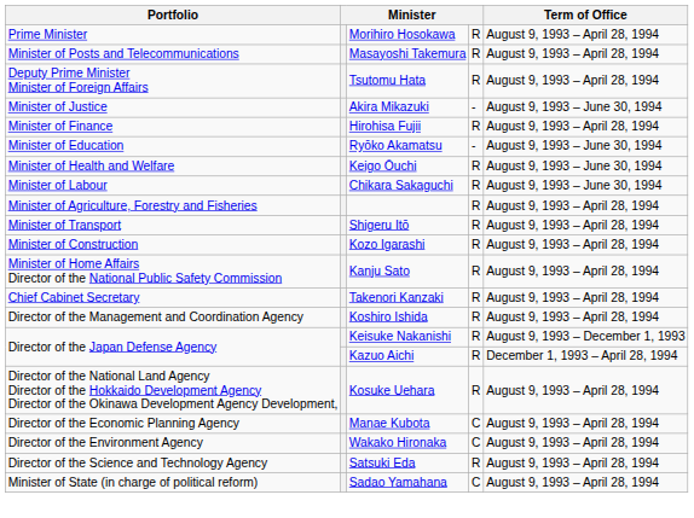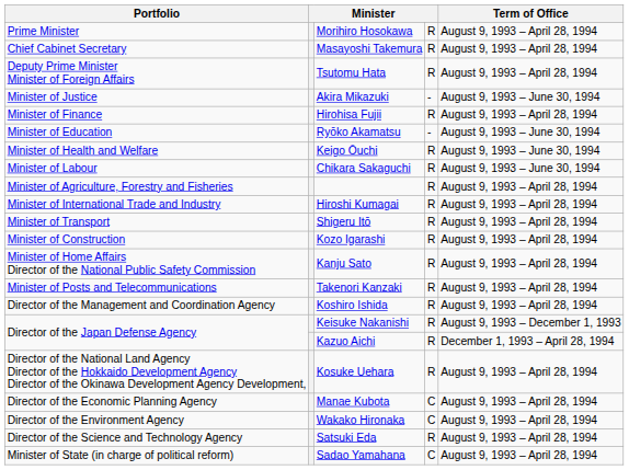 <table class="wikitable">
 <tr>
 <th>Portfolio</th>
 <th colspan=3>Minister</th>
 <th>Term of Office</th>
 </tr>
 <tr>
 <td><a href='#'>Prime Minister</a></td>
 <th style="color:inherit;background-color: "></th>
 <td><a href='#'>Morihiro Hosokawa</a></td>
 <td>R</td>
 <td>August 9, 1993 – April 28, 1994</td>
 </tr>
 <tr>
-<td><a href='#'>Minister of Posts and Telecommunications</a></td>
+<td><a href='#'>Chief Cabinet Secretary</a></td>
 <th style="color:inherit;background-color: "></th>
 <td><a href='#'>Masayoshi Takemura</a></td>
 <td>R</td>
 <td>August 9, 1993 – April 28, 1994</td>
 </tr>
 <tr>
 <td><a href='#'>Deputy Prime Minister</a> <br><a href='#'>Minister of Foreign Affairs</a></td>
 <th style="color:inherit;background-color: "></th>
 <td><a href='#'>Tsutomu Hata</a></td>
 <td>R</td>
 <td>August 9, 1993 – April 28, 1994</td>
 </tr>
 <tr>
 <td><a href='#'>Minister of Justice</a></td>
 <th style="color:inherit;background-color: "></th>
 <td><a href='#'>Akira Mikazuki</a></td>
 <td>-</td>
 <td>August 9, 1993 – June 30, 1994</td>
 </tr>
 <tr>
 <td><a href='#'>Minister of Finance</a></td>
 <th style="color:inherit;background-color: "></th>
 <td><a href='#'>Hirohisa Fujii</a></td>
 <td>R</td>
 <td>August 9, 1993 – April 28, 1994</td>
 </tr>
 <tr>
 <td><a href='#'>Minister of Education</a></td>
 <th style="color:inherit;background-color: "></th>
 <td><a href='#'>Ryōko Akamatsu</a></td>
 <td>-</td>
 <td>August 9, 1993 – June 30, 1994</td>
 </tr>
 <tr>
 <td><a href='#'>Minister of Health and Welfare</a></td>
 <th style="color:inherit;background-color: "></th>
 <td><a href='#'>Keigo Ōuchi</a></td>
 <td>R</td>
 <td>August 9, 1993 – June 30, 1994</td>
 </tr>
 <tr>
 <td><a href='#'>Minister of Labour</a></td>
 <th style="color:inherit;background-color: "></th>
 <td><a href='#'>Chikara Sakaguchi</a></td>
 <td>R</td>
 <td>August 9, 1993 – June 30, 1994</td>
 </tr>
 <tr>
 <td><a href='#'>Minister of Agriculture, Forestry and Fisheries</a></td>
 <th style="color:inherit;background-color: "></th>
 <td></td>
 <td>R</td>
 <td>August 9, 1993 – April 28, 1994</td>
 </tr>
 <tr>
+<td><a href='#'>Minister of International Trade and Industry</a></td>
+<th style="color:inherit;background-color: "></th>
+<td><a href='#'>Hiroshi Kumagai</a></td>
+<td>R</td>
+<td>August 9, 1993 – April 28, 1994</td>
+</tr>
+<tr>
 <td><a href='#'>Minister of Transport</a></td>
 <th style="color:inherit;background-color: "></th>
 <td><a href='#'>Shigeru Itō</a></td>
 <td>R</td>
 <td>August 9, 1993 – April 28, 1994</td>
 </tr>
 <tr>
 <td><a href='#'>Minister of Construction</a></td>
 <th style="color:inherit;background-color: "></th>
 <td><a href='#'>Kozo Igarashi</a></td>
 <td>R</td>
 <td>August 9, 1993 – April 28, 1994</td>
 </tr>
 <tr>
 <td><a href='#'>Minister of Home Affairs</a> <br>Director of the <a href='#'>National Public Safety Commission</a></td>
 <th style="color:inherit;background-color: "></th>
 <td><a href='#'>Kanju Sato</a></td>
 <td>R</td>
 <td>August 9, 1993 – April 28, 1994</td>
 </tr>
 <tr>
-<td><a href='#'>Chief Cabinet Secretary</a></td>
+<td><a href='#'>Minister of Posts and Telecommunications</a></td>
 <th style="color:inherit;background-color: "></th>
 <td><a href='#'>Takenori Kanzaki</a></td>
 <td>R</td>
 <td>August 9, 1993 – April 28, 1994</td>
 </tr>
 <tr>
 <td>Director of the Management and Coordination Agency</td>
 <th style="color:inherit;background-color: "></th>
 <td><a href='#'>Koshiro Ishida</a></td>
 <td>R</td>
 <td>August 9, 1993 – April 28, 1994</td>
 </tr>
 <tr>
 <td rowspan=2>Director of the <a href='#'>Japan Defense Agency</a></td>
 <th style="color:inherit;background-color: "></th>
 <td><a href='#'>Keisuke Nakanishi</a></td>
 <td>R</td>
 <td>August 9, 1993 – December 1, 1993</td>
 </tr>
 <tr>
 <th style="color:inherit;background-color: "></th>
 <td><a href='#'>Kazuo Aichi</a></td>
 <td>R</td>
 <td>December 1, 1993 – April 28, 1994</td>
 </tr>
 <tr>
 <td>Director of the National Land Agency <br>Director of the <a href='#'>Hokkaido Development Agency</a> <br>Director of the Okinawa Development Agency Development,</td>
 <th style="color:inherit;background-color: "></th>
 <td><a href='#'>Kosuke Uehara</a></td>
 <td>R</td>
 <td>August 9, 1993 – April 28, 1994</td>
 </tr>
 <tr>
 <td>Director of the Economic Planning Agency</td>
 <th style="color:inherit;background-color: "></th>
 <td><a href='#'>Manae Kubota</a></td>
 <td>C</td>
 <td>August 9, 1993 – April 28, 1994</td>
 </tr>
 <tr>
 <td>Director of the Environment Agency</td>
 <th style="color:inherit;background-color: "></th>
 <td><a href='#'>Wakako Hironaka</a></td>
 <td>C</td>
 <td>August 9, 1993 – April 28, 1994</td>
 </tr>
 <tr>
 <td>Director of the Science and Technology Agency</td>
 <th style="color:inherit;background-color: "></th>
 <td><a href='#'>Satsuki Eda</a></td>
 <td>R</td>
 <td>August 9, 1993 – April 28, 1994</td>
 </tr>
 <tr>
 <td>Minister of State (in charge of political reform)</td>
 <th style="color:inherit;background-color: "></th>
 <td><a href='#'>Sadao Yamahana</a></td>
 <td>C</td>
 <td>August 9, 1993 – April 28, 1994</td>
 </tr>
 </table>
